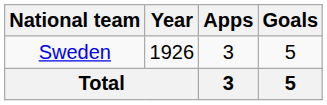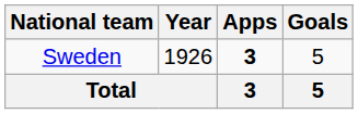 <table class=wikitable style=text-align:center>
 <tr>
 <th>National team</th>
 <th>Year</th>
 <th>Apps</th>
 <th>Goals</th>
 </tr>
 <tr>
 <td rowspan="1"><a href='#'>Sweden</a></td>
 <td>1926</td>
-<td>3</td>
+<td><strong>3</strong></td>
 <td>5</td>
 </tr>
 <tr>
 <th colspan="2">Total</th>
 <th>3</th>
 <th>5</th>
 </tr>
 </table>
